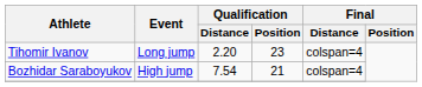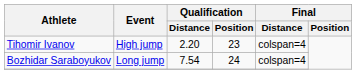 <table class=wikitable style=font-size:90%>
 <tr>
 <th rowspan=2>Athlete</th>
 <th rowspan=2>Event</th>
 <th colspan=2>Qualification</th>
 <th colspan=2>Final</th>
 </tr>
 <tr style=font-size:95%>
 <th>Distance</th>
 <th>Position</th>
 <th>Distance</th>
 <th>Position</th>
 </tr>
 <tr align=center>
 <td align=left><a href='#'>Tihomir Ivanov</a></td>
-<td align=left><a href='#'>Long jump</a></td>
+<td align=left><a href='#'>High jump</a></td>
 <td>2.20</td>
 <td>23</td>
 <td>colspan=4 </td>
 </tr>
 <tr align=center>
 <td align=left><a href='#'>Bozhidar Saraboyukov</a></td>
-<td align=left><a href='#'>High jump</a></td>
+<td align=left><a href='#'>Long jump</a></td>
 <td>7.54</td>
-<td>21</td>
+<td>24</td>
 <td>colspan=4 </td>
 </tr>
 <tr align=center>
 </tr>
 </table>
